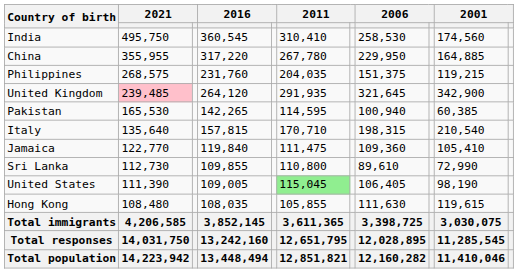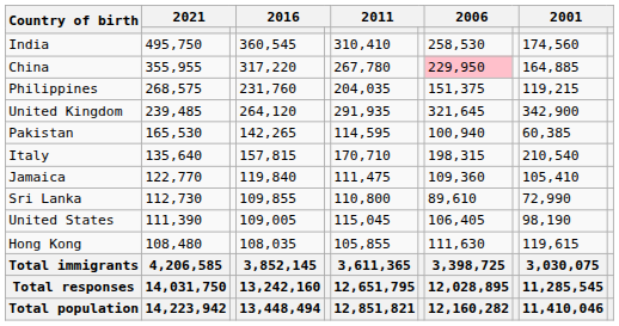 <table class="wikitable sortable">
 <tr>
 <th rowspan="2">Country of birth</th>
 <th colspan="2">2021</th>
 <th colspan="2">2016</th>
 <th colspan="2">2011</th>
 <th colspan="2">2006</th>
 <th colspan="2">2001</th>
 </tr>
 <tr>
 <th><a href='#'></a></th>
 <th></th>
 <th></th>
 <th></th>
 <th></th>
 <th></th>
 <th></th>
 <th></th>
 <th></th>
 <th></th>
 </tr>
 <tr>
 <td>India</td>
 <td>495,750</td>
 <td></td>
 <td>360,545</td>
 <td></td>
 <td>310,410</td>
 <td></td>
 <td>258,530</td>
 <td></td>
 <td>174,560</td>
 <td></td>
 </tr>
 <tr>
 <td>China</td>
 <td>355,955</td>
 <td></td>
 <td>317,220</td>
 <td></td>
 <td>267,780</td>
 <td></td>
-<td>229,950</td>
+<td style="background: pink;">229,950</td>
 <td></td>
 <td>164,885</td>
 <td></td>
 </tr>
 <tr>
 <td>Philippines</td>
 <td>268,575</td>
 <td></td>
 <td>231,760</td>
 <td></td>
 <td>204,035</td>
 <td></td>
 <td>151,375</td>
 <td></td>
 <td>119,215</td>
 <td></td>
 </tr>
 <tr>
 <td>United Kingdom</td>
-<td style="background: pink;">239,485</td>
+<td>239,485</td>
 <td></td>
 <td>264,120</td>
 <td></td>
 <td>291,935</td>
 <td></td>
 <td>321,645</td>
 <td></td>
 <td>342,900</td>
 <td></td>
 </tr>
 <tr>
 <td>Pakistan</td>
 <td>165,530</td>
 <td></td>
 <td>142,265</td>
 <td></td>
 <td>114,595</td>
 <td></td>
 <td>100,940</td>
 <td></td>
 <td>60,385</td>
 <td></td>
 </tr>
 <tr>
 <td>Italy</td>
 <td>135,640</td>
 <td></td>
 <td>157,815</td>
 <td></td>
 <td>170,710</td>
 <td></td>
 <td>198,315</td>
 <td></td>
 <td>210,540</td>
 <td></td>
 </tr>
 <tr>
 <td>Jamaica</td>
 <td>122,770</td>
 <td></td>
 <td>119,840</td>
 <td></td>
 <td>111,475</td>
 <td></td>
 <td>109,360</td>
 <td></td>
 <td>105,410</td>
 <td></td>
 </tr>
 <tr>
 <td>Sri Lanka</td>
 <td>112,730</td>
 <td></td>
 <td>109,855</td>
 <td></td>
 <td>110,800</td>
 <td></td>
 <td>89,610</td>
 <td></td>
 <td>72,990</td>
 <td></td>
 </tr>
 <tr>
 <td>United States</td>
 <td>111,390</td>
 <td></td>
 <td>109,005</td>
 <td></td>
-<td style="background: lightgreen;">115,045</td>
+<td>115,045</td>
 <td></td>
 <td>106,405</td>
 <td></td>
 <td>98,190</td>
 <td></td>
 </tr>
 <tr>
 <td>Hong Kong</td>
 <td>108,480</td>
 <td></td>
 <td>108,035</td>
 <td></td>
 <td>105,855</td>
 <td></td>
 <td>111,630</td>
 <td></td>
 <td>119,615</td>
 <td></td>
 </tr>
 <tr>
 <th>Total immigrants</th>
 <th>4,206,585</th>
 <th></th>
 <th>3,852,145</th>
 <th></th>
 <th>3,611,365</th>
 <th></th>
 <th>3,398,725</th>
 <th></th>
 <th>3,030,075</th>
 <th></th>
 </tr>
 <tr class="sortbottom">
 <th>Total responses</th>
 <th>14,031,750</th>
 <th></th>
 <th>13,242,160</th>
 <th></th>
 <th>12,651,795</th>
 <th></th>
 <th>12,028,895</th>
 <th></th>
 <th>11,285,545</th>
 <th></th>
 </tr>
 <tr class="sortbottom">
 <th>Total population</th>
 <th>14,223,942</th>
 <th></th>
 <th>13,448,494</th>
 <th></th>
 <th>12,851,821</th>
 <th></th>
 <th>12,160,282</th>
 <th></th>
 <th>11,410,046</th>
 <th></th>
 </tr>
 </table>
